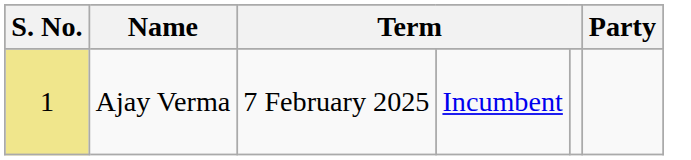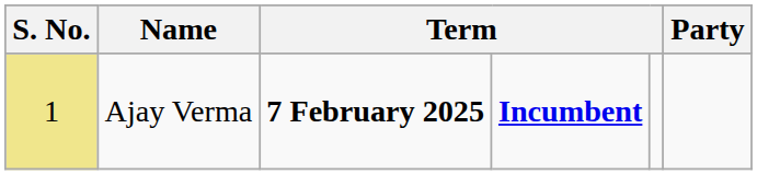 <table class="wikitable sortable">
 <tr>
 <th scope="col">S. No.</th>
 <th>Name</th>
 <th colspan=3>Term</th>
 <th colspan=2>Party</th>
 </tr>
 <tr style="text-align:center; height:60px;">
 <td style="background: khaki;">1</td>
 <td>Ajay Verma</td>
-<td>7 February 2025</td>
-<td><a href='#'>Incumbent</a></td>
+<td><strong>7 February 2025</strong></td>
+<td><strong><a href='#'>Incumbent</a></strong></td>
 <td></td>
 <td></td>
 </tr>
 </table>
